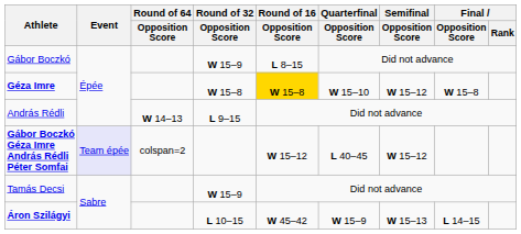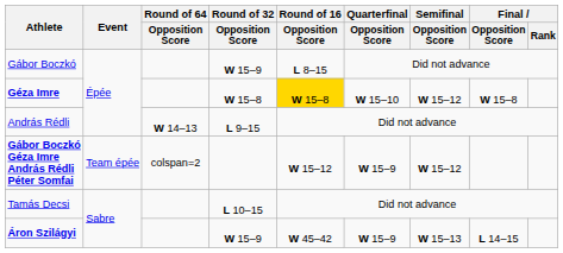 <table class="wikitable" style="font-size:90%">
 <tr>
 <th rowspan=2>Athlete</th>
 <th rowspan=2>Event</th>
 <th>Round of 64</th>
 <th>Round of 32</th>
 <th>Round of 16</th>
 <th>Quarterfinal</th>
 <th>Semifinal</th>
 <th colspan=2>Final / </th>
 </tr>
 <tr style="font-size:95%">
 <th>Opposition<br>Score</th>
 <th>Opposition<br>Score</th>
 <th>Opposition<br>Score</th>
 <th>Opposition<br>Score</th>
 <th>Opposition<br>Score</th>
 <th>Opposition<br>Score</th>
 <th>Rank</th>
 </tr>
 <tr align=center>
 <td align=left><a href='#'>Gábor Boczkó</a></td>
 <td align=left rowspan=3><a href='#'>Épée</a></td>
 <td></td>
 <td><br><strong>W</strong> 15–9</td>
 <td><br><strong>L</strong> 8–15</td>
 <td colspan=4>Did not advance</td>
 </tr>
 <tr align=center>
 <td align=left><strong><a href='#'>Géza Imre</a></strong></td>
 <td></td>
 <td><br><strong>W</strong> 15–8</td>
 <td style="background: gold;"><br><strong>W</strong> 15–8</td>
 <td><br><strong>W</strong> 15–10</td>
 <td><br><strong>W</strong> 15–12</td>
 <td><br><strong>W</strong> 15–8</td>
 <td></td>
 </tr>
 <tr align=center>
 <td align=left><a href='#'>András Rédli</a></td>
 <td><br><strong>W</strong> 14–13</td>
 <td><br><strong>L</strong> 9–15</td>
 <td colspan=5>Did not advance</td>
 </tr>
 <tr align=center>
 <td align=left><strong><a href='#'>Gábor Boczkó</a><br><a href='#'>Géza Imre</a><br><a href='#'>András Rédli</a><br><a href='#'>Péter Somfai</a></strong></td>
-<td align=left style="background: lavender;"><a href='#'>Team épée</a></td>
+<td align=left><a href='#'>Team épée</a></td>
 <td>colspan=2 </td>
 <td></td>
 <td><br><strong>W</strong> 15–12</td>
-<td><br><strong>L</strong> 40–45</td>
+<td><br><strong>W</strong> 15–9</td>
 <td><br><strong>W</strong> 15–12</td>
 <td></td>
 </tr>
 <tr align=center>
 <td align=left><a href='#'>Tamás Decsi</a></td>
 <td align=left rowspan=2><a href='#'>Sabre</a></td>
 <td></td>
-<td><br><strong>W</strong> 15–9</td>
+<td><br><strong>L</strong> 10–15</td>
 <td colspan=5>Did not advance</td>
 </tr>
 <tr align=center>
 <td align=left><strong><a href='#'>Áron Szilágyi</a></strong></td>
 <td></td>
-<td><br><strong>L</strong> 10–15</td>
+<td><br><strong>W</strong> 15–9</td>
 <td><br><strong>W</strong> 45–42</td>
 <td><br><strong>W</strong> 15–9</td>
 <td><br><strong>W</strong> 15–13</td>
 <td><br><strong>L</strong> 14–15</td>
 <td></td>
 </tr>
 </table>
